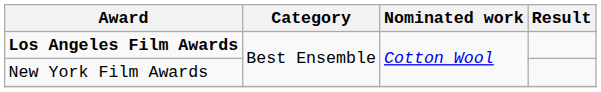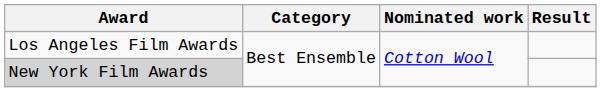 <table class="wikitable sortable">
 <tr style="text-align:center;">
 <th>Award</th>
 <th>Category</th>
 <th>Nominated work</th>
 <th>Result</th>
 </tr>
 <tr>
-<td><strong>Los Angeles Film Awards</strong></td>
+<td>Los Angeles Film Awards</td>
 <td rowspan=2>Best Ensemble</td>
 <td rowspan=2><em><a href='#'>Cotton Wool</a></em></td>
 <td></td>
 </tr>
 <tr>
-<td>New York Film Awards</td>
+<td style="background: lightgrey;">New York Film Awards</td>
 <td></td>
 </tr>
 <tr>
 </tr>
 </table>
